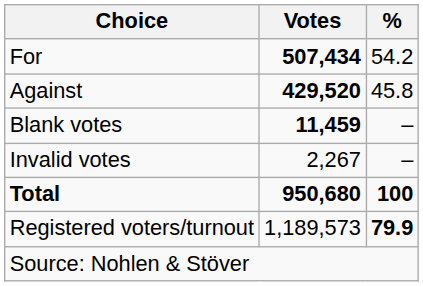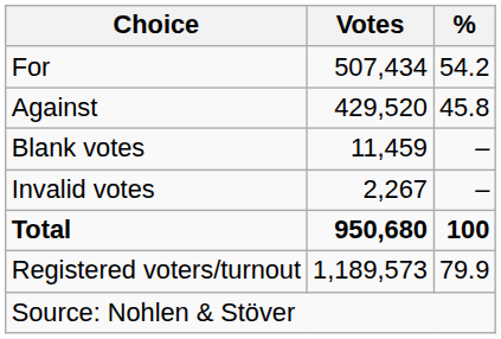 <table class=wikitable style=text-align:right>
 <tr>
 <th>Choice</th>
 <th>Votes</th>
 <th>%</th>
 </tr>
 <tr>
 <td align=left>For</td>
-<td><strong>507,434</strong></td>
+<td>507,434</td>
 <td>54.2</td>
 </tr>
 <tr>
 <td align=left>Against</td>
-<td><strong>429,520</strong></td>
+<td>429,520</td>
 <td>45.8</td>
 </tr>
 <tr>
 <td align=left>Blank votes</td>
-<td><strong>11,459</strong></td>
+<td>11,459</td>
 <td>–</td>
 </tr>
 <tr>
 <td align=left>Invalid votes</td>
 <td>2,267</td>
 <td>–</td>
 </tr>
 <tr>
 <td align=left><strong>Total</strong></td>
 <td><strong>950,680</strong></td>
 <td><strong>100</strong></td>
 </tr>
 <tr>
 <td align=left>Registered voters/turnout</td>
 <td>1,189,573</td>
-<td><strong>79.9</strong></td>
+<td>79.9</td>
 </tr>
 <tr>
 <td align=left colspan=3>Source: Nohlen & Stöver</td>
 </tr>
 </table>
